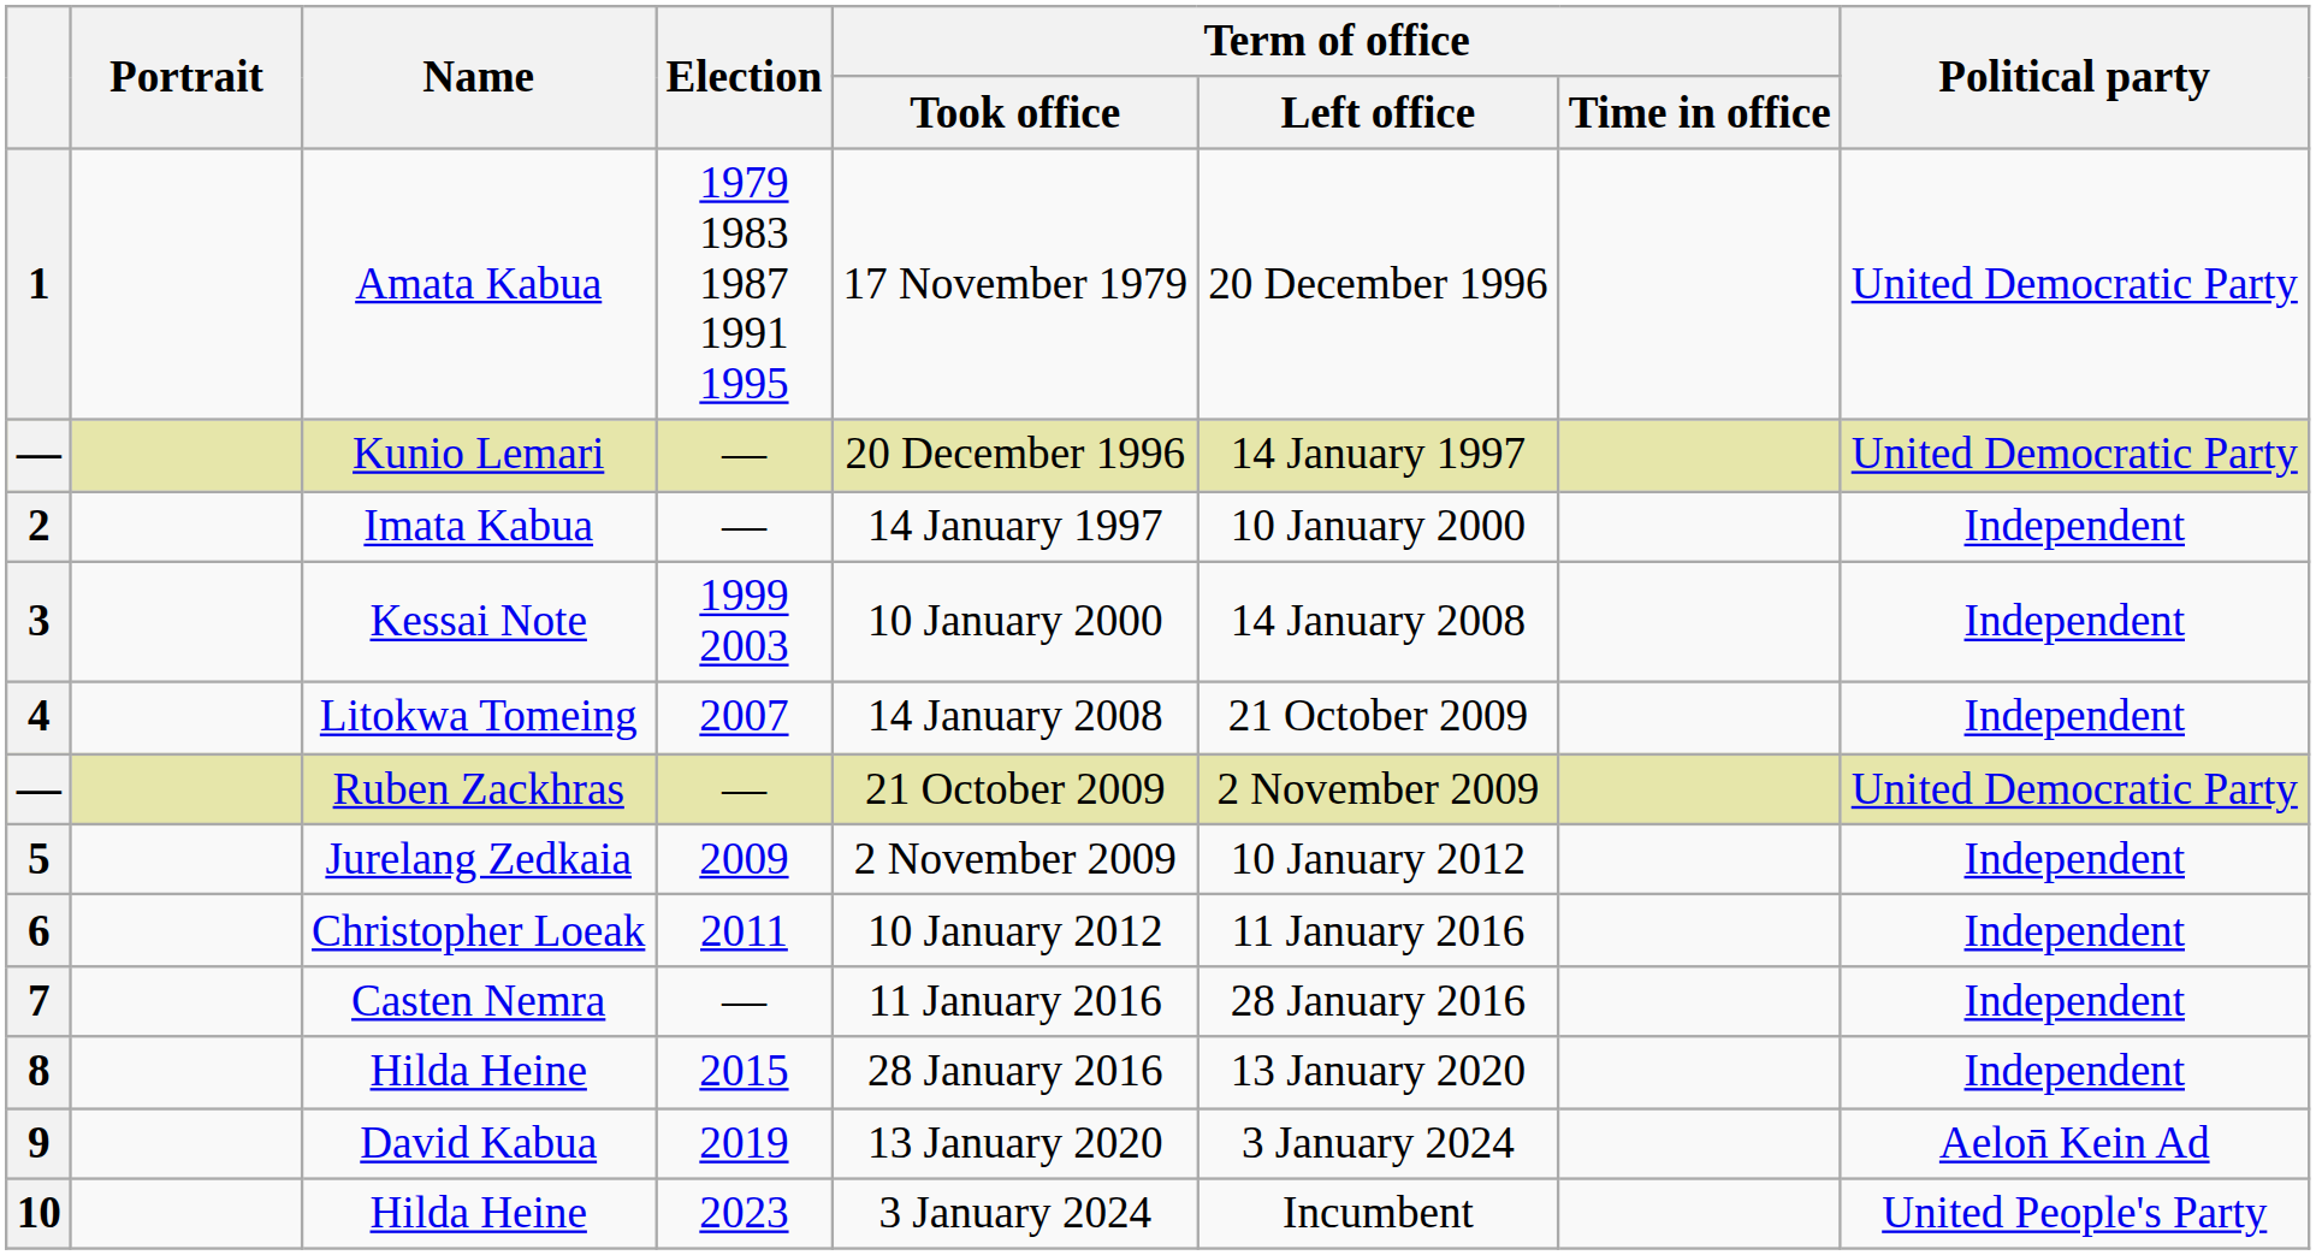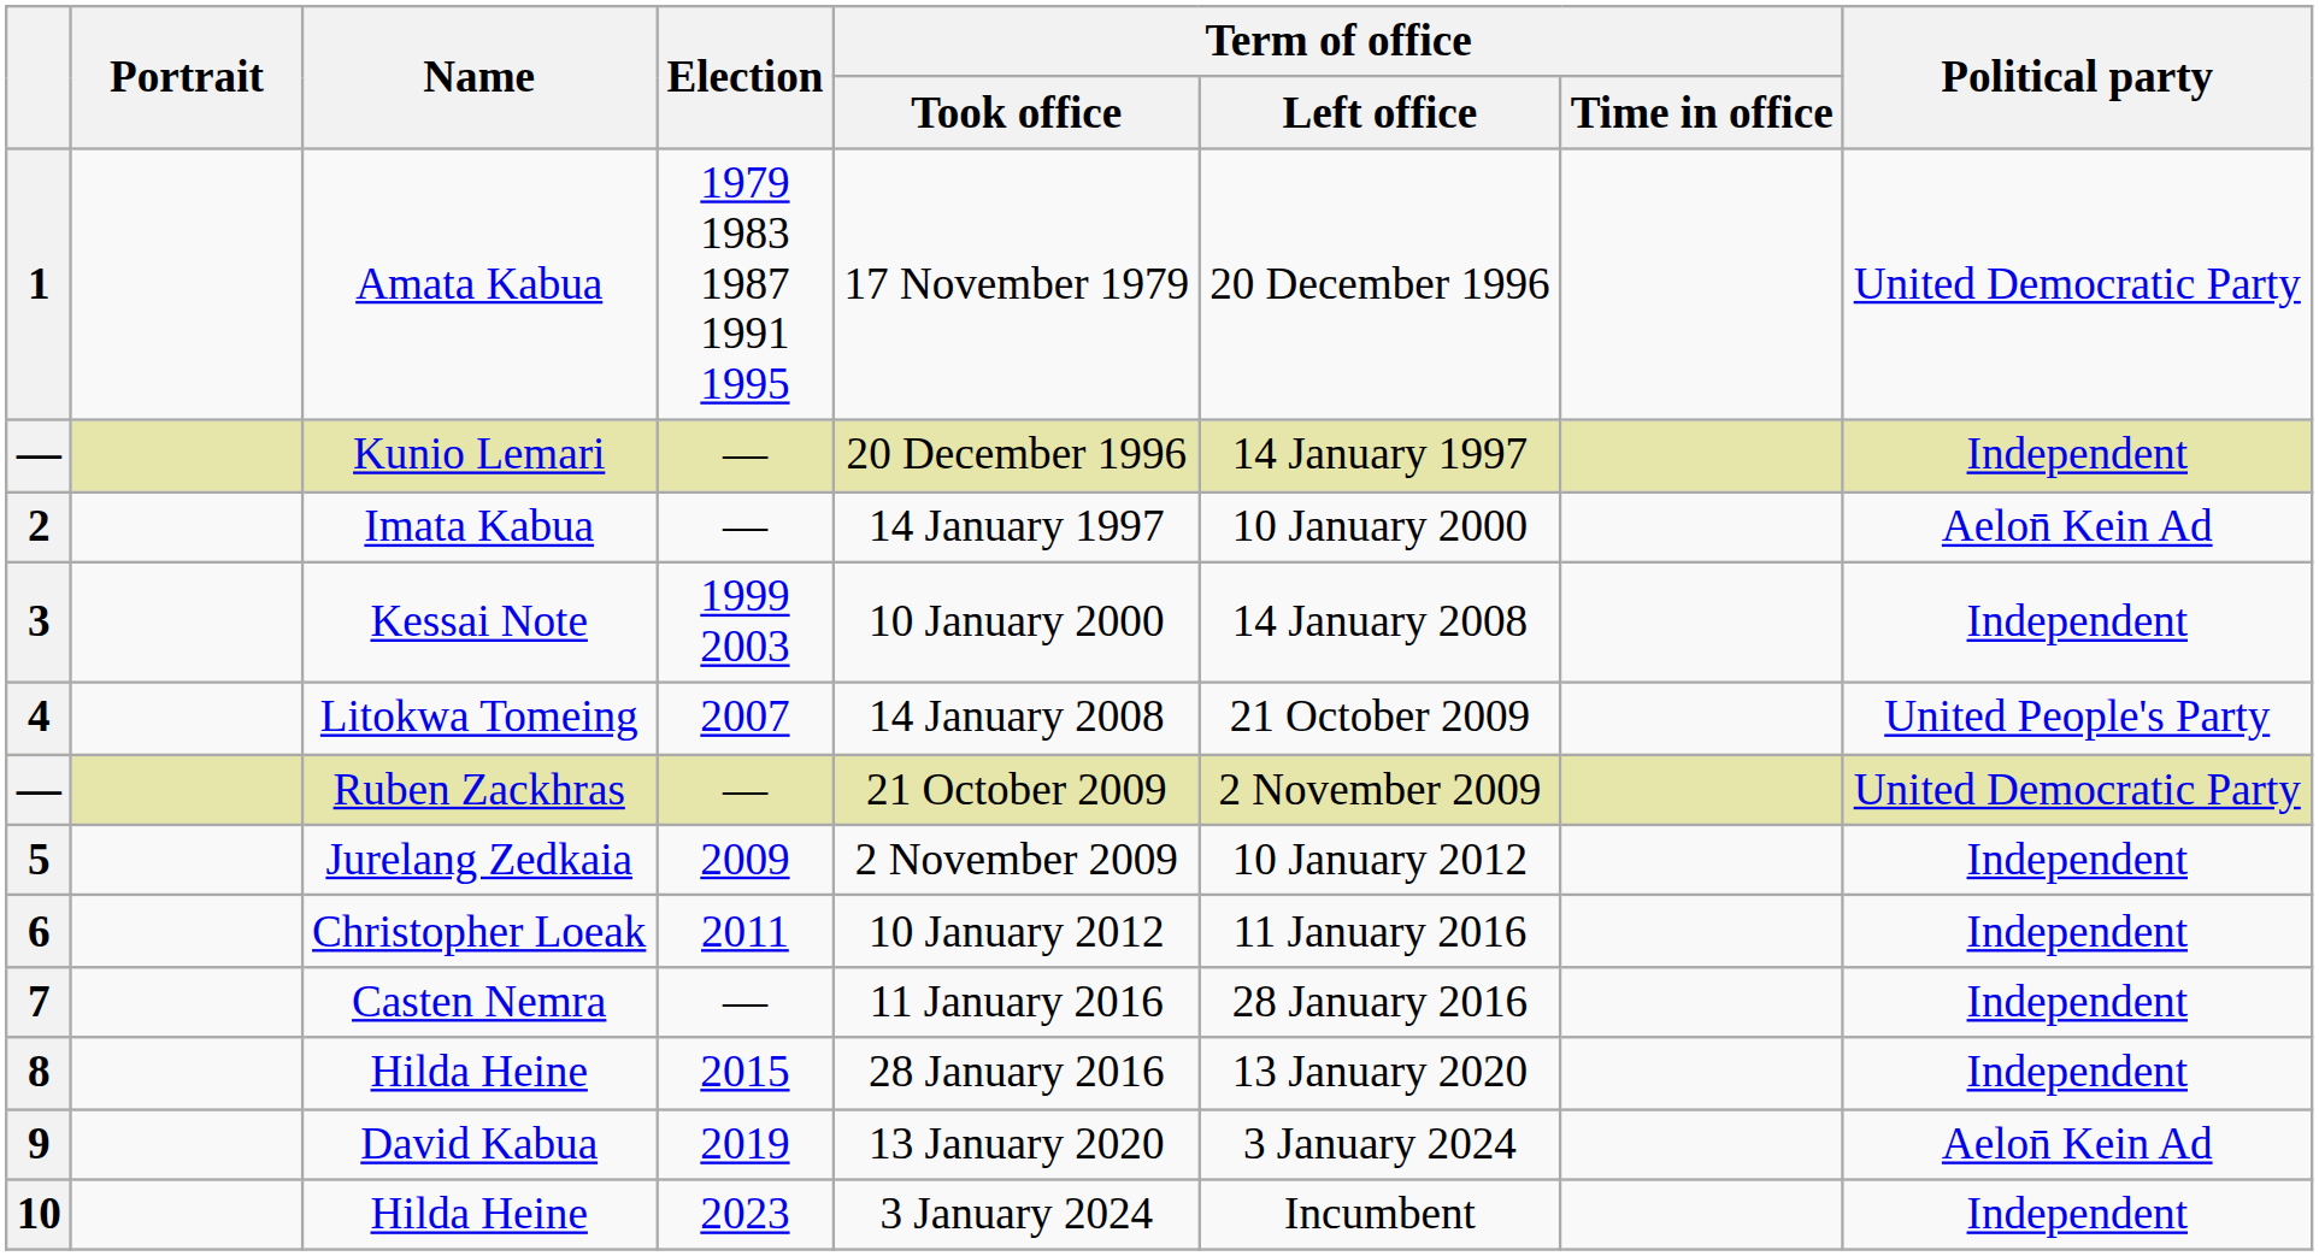 <table class="wikitable" style="text-align:center">
 <tr>
 <th rowspan="2"></th>
 <th rowspan="2" style="width:75px;">Portrait</th>
 <th rowspan="2">Name<br></th>
 <th rowspan="2">Election</th>
 <th colspan="3">Term of office</th>
 <th rowspan="2">Political party</th>
 </tr>
 <tr>
 <th>Took office</th>
 <th>Left office</th>
 <th>Time in office</th>
 </tr>
 <tr>
 <th style="background:">1</th>
 <td></td>
 <td><a href='#'>Amata Kabua</a><br></td>
 <td><a href='#'>1979</a><br>1983<br>1987<br>1991<br><a href='#'>1995</a></td>
 <td>17 November 1979</td>
 <td>20 December 1996</td>
 <td></td>
 <td><a href='#'>United Democratic Party</a></td>
 </tr>
 <tr style="background:#e6e6aa;">
 <th style="background:">—</th>
 <td></td>
 <td><a href='#'>Kunio Lemari</a><br></td>
 <td>—</td>
 <td>20 December 1996</td>
 <td>14 January 1997</td>
 <td></td>
-<td><a href='#'>United Democratic Party</a></td>
+<td><a href='#'>Independent</a></td>
 </tr>
 <tr>
 <th style="background:">2</th>
 <td></td>
 <td><a href='#'>Imata Kabua</a><br></td>
 <td>—</td>
 <td>14 January 1997</td>
 <td>10 January 2000</td>
 <td></td>
-<td><a href='#'>Independent</a></td>
+<td><a href='#'>Aelon̄ Kein Ad</a></td>
 </tr>
 <tr>
 <th style="background:">3</th>
 <td></td>
 <td><a href='#'>Kessai Note</a><br></td>
 <td><a href='#'>1999</a><br><a href='#'>2003</a></td>
 <td>10 January 2000</td>
 <td>14 January 2008</td>
 <td></td>
 <td><a href='#'>Independent</a></td>
 </tr>
 <tr>
 <th style="background:">4</th>
 <td></td>
 <td><a href='#'>Litokwa Tomeing</a><br></td>
 <td><a href='#'>2007</a></td>
 <td>14 January 2008</td>
 <td>21 October 2009<br></td>
 <td></td>
-<td><a href='#'>Independent</a></td>
+<td><a href='#'>United People's Party</a></td>
 </tr>
 <tr style="background:#e6e6aa;">
 <th style="background:">—</th>
 <td></td>
 <td><a href='#'>Ruben Zackhras</a><br></td>
 <td>—</td>
 <td>21 October 2009</td>
 <td>2 November 2009</td>
 <td></td>
 <td><a href='#'>United Democratic Party</a></td>
 </tr>
 <tr>
 <th style="background:">5</th>
 <td></td>
 <td><a href='#'>Jurelang Zedkaia</a><br></td>
 <td><a href='#'>2009</a></td>
 <td>2 November 2009</td>
 <td>10 January 2012</td>
 <td></td>
 <td><a href='#'>Independent</a></td>
 </tr>
 <tr>
 <th style="background:">6</th>
 <td></td>
 <td><a href='#'>Christopher Loeak</a><br></td>
 <td><a href='#'>2011</a></td>
 <td>10 January 2012</td>
 <td>11 January 2016</td>
 <td></td>
 <td><a href='#'>Independent</a></td>
 </tr>
 <tr>
 <th style="background:">7</th>
 <td></td>
 <td><a href='#'>Casten Nemra</a><br></td>
 <td>—</td>
 <td>11 January 2016</td>
 <td>28 January 2016<br></td>
 <td></td>
 <td><a href='#'>Independent</a></td>
 </tr>
 <tr>
 <th style="background:">8</th>
 <td></td>
 <td><a href='#'>Hilda Heine</a><br></td>
 <td><a href='#'>2015</a></td>
 <td>28 January 2016</td>
 <td>13 January 2020</td>
 <td></td>
 <td><a href='#'>Independent</a></td>
 </tr>
 <tr>
 <th style="background:">9</th>
 <td></td>
 <td><a href='#'>David Kabua</a><br></td>
 <td><a href='#'>2019</a></td>
 <td>13 January 2020</td>
 <td>3 January 2024</td>
 <td></td>
 <td><a href='#'>Aelon̄ Kein Ad</a></td>
 </tr>
 <tr>
 <th style="background:">10</th>
 <td></td>
 <td><a href='#'>Hilda Heine</a><br></td>
 <td><a href='#'>2023</a></td>
 <td>3 January 2024</td>
 <td>Incumbent</td>
 <td></td>
-<td><a href='#'>United People's Party</a></td>
+<td><a href='#'>Independent</a></td>
 </tr>
 </table>
